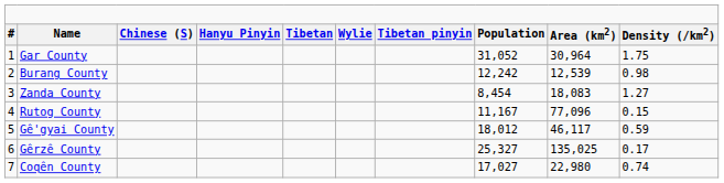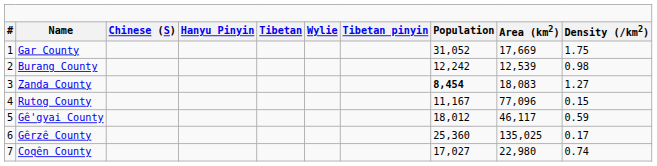 <table class="wikitable"  style="font-size:90%;" align=center>
 <tr>
 <td colspan="13"><div><br>          </div></td>
 </tr>
 <tr>
 <th>#</th>
 <th>Name</th>
 <th><a href='#'>Chinese</a> (<a href='#'>S</a>)</th>
 <th><a href='#'>Hanyu Pinyin</a></th>
 <th><a href='#'>Tibetan</a></th>
 <th><a href='#'>Wylie</a></th>
 <th><a href='#'>Tibetan pinyin</a></th>
 <th>Population </th>
 <th>Area (km<sup>2</sup>)</th>
 <th>Density (/km<sup>2</sup>)</th>
 </tr>
 <tr --------->
 <td>1</td>
 <td><a href='#'>Gar County</a></td>
 <td></td>
 <td></td>
 <td></td>
 <td></td>
 <td></td>
 <td>31,052</td>
-<td>30,964</td>
+<td>17,669</td>
 <td>1.75</td>
 </tr>
 <tr --------->
 <td>2</td>
 <td><a href='#'>Burang County</a></td>
 <td></td>
 <td></td>
 <td></td>
 <td></td>
 <td></td>
 <td>12,242</td>
 <td>12,539</td>
 <td>0.98</td>
 </tr>
 <tr -------->
 <td>3</td>
 <td><a href='#'>Zanda County</a></td>
 <td></td>
 <td></td>
 <td></td>
 <td></td>
 <td></td>
-<td>8,454</td>
+<td><strong>8,454</strong></td>
 <td>18,083</td>
 <td>1.27</td>
 </tr>
 <tr --------->
 <td>4</td>
 <td><a href='#'>Rutog County</a></td>
 <td></td>
 <td></td>
 <td></td>
 <td></td>
 <td></td>
 <td>11,167</td>
 <td>77,096</td>
 <td>0.15</td>
 </tr>
 <tr --------->
 <td>5</td>
 <td><a href='#'>Gê'gyai County</a></td>
 <td></td>
 <td></td>
 <td></td>
 <td></td>
 <td></td>
 <td>18,012</td>
 <td>46,117</td>
 <td>0.59</td>
 </tr>
 <tr --------->
 <td>6</td>
 <td><a href='#'>Gêrzê County</a></td>
 <td></td>
 <td></td>
 <td></td>
 <td></td>
 <td></td>
-<td>25,327</td>
+<td>25,360</td>
 <td>135,025</td>
 <td>0.17</td>
 </tr>
 <tr --------->
 <td>7</td>
 <td><a href='#'>Coqên County</a></td>
 <td></td>
 <td></td>
 <td></td>
 <td></td>
 <td></td>
 <td>17,027</td>
 <td>22,980</td>
 <td>0.74</td>
 </tr>
 </table>
